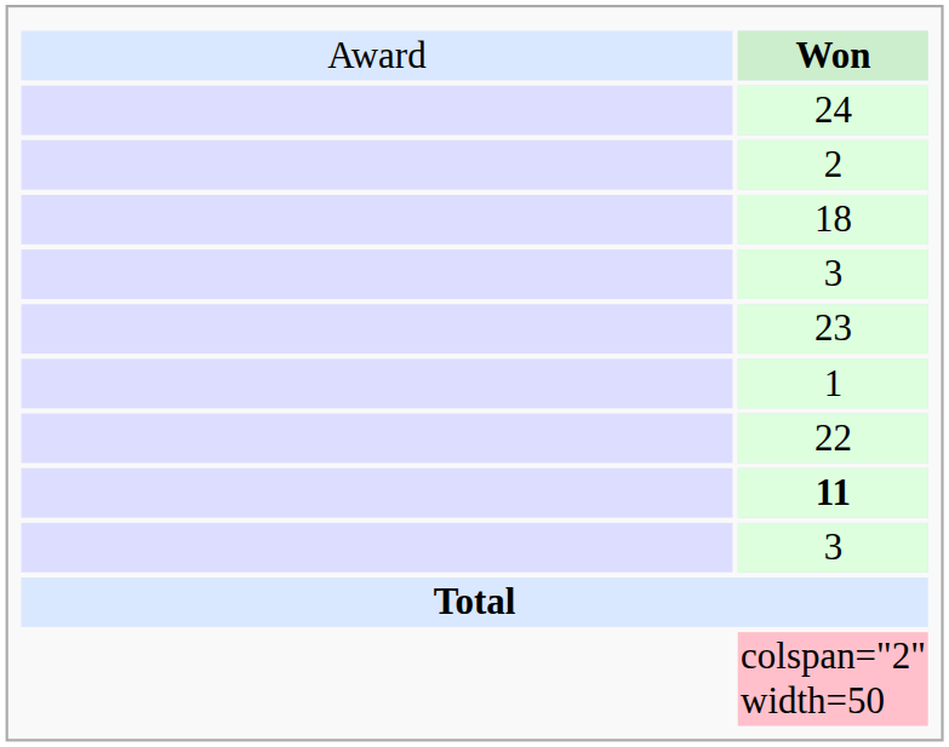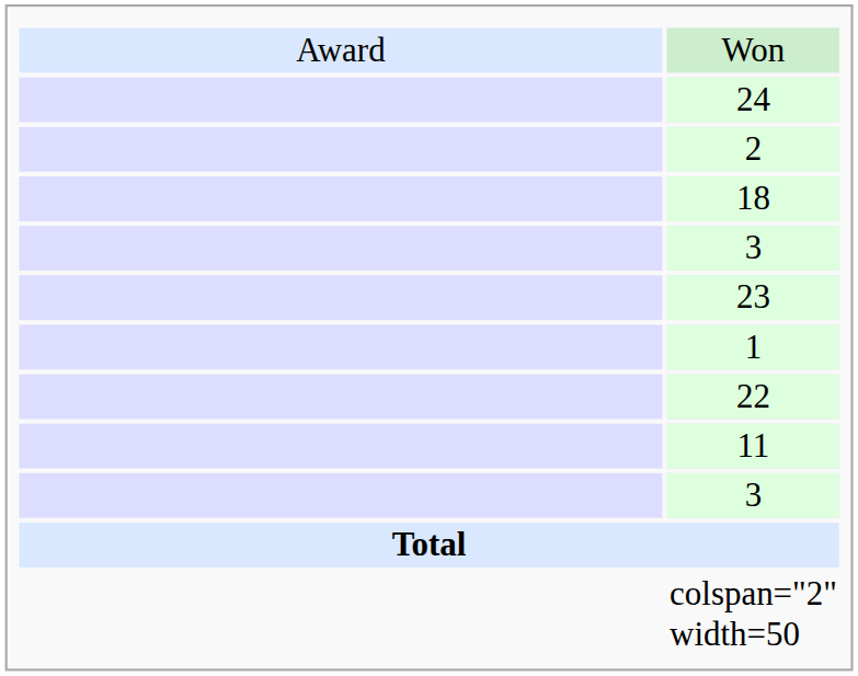 <table class="infobox" style="width: 25em; text-align: left; font-size: 90%; vertical-align: middle;">
 <tr>
 <td colspan="3" style="text-align:center;"></td>
 </tr>
 <tr bgcolor=#D9E8FF>
 <td style="text-align:center;">Award</td>
-<td style="text-align:center;background: #cceecc;text-size:0.9em" width=50><strong>Won</strong></td>
+<td style="text-align:center;background: #cceecc;text-size:0.9em" width=50>Won</td>
 </tr>
 <tr bgcolor=#ddddff>
 <td align="center"><br></td>
 <td style="text-align:center;background: #ddffdd;vertical-align: middle;">24</td>
 </tr>
 <tr bgcolor=#ddddff>
 <td align="center"><br></td>
 <td style="text-align:center;background: #ddffdd;vertical-align: middle;">2</td>
 </tr>
 <tr bgcolor=#ddddff>
 <td align="center"><br></td>
 <td style="text-align:center;background: #ddffdd;vertical-align: middle;">18</td>
 </tr>
 <tr bgcolor=#ddddff>
 <td align="center"><br></td>
 <td style="text-align:center;background: #ddffdd;vertical-align: middle;">3</td>
 </tr>
 <tr bgcolor=#ddddff>
 <td align="center"><br></td>
 <td style="text-align:center;background: #ddffdd;vertical-align: middle;">23</td>
 </tr>
 <tr bgcolor=#ddddff>
 <td align="center"><br></td>
 <td style="text-align:center;background: #ddffdd;vertical-align: middle;">1</td>
 </tr>
 <tr bgcolor=#ddddff>
 <td align="center"><br></td>
 <td style="text-align:center;background: #ddffdd;vertical-align: middle;">22</td>
 </tr>
 <tr bgcolor=#ddddff>
 <td align="center"><br></td>
-<td style="text-align:center;background: #ddffdd;vertical-align: middle;"><strong>11</strong></td>
+<td style="text-align:center;background: #ddffdd;vertical-align: middle;">11</td>
 </tr>
 <tr bgcolor=#ddddff>
 <td align="center"><br></td>
 <td style="text-align:center;background: #ddffdd;vertical-align: middle;">3</td>
 </tr>
 <tr bgcolor=#D9E8FF>
 <td colspan="3" style="text-align:center;"><strong>Total</strong></td>
 </tr>
 <tr>
 <td></td>
-<td style="background: pink;">colspan="2" width=50 </td>
+<td>colspan="2" width=50 </td>
 </tr>
 </table>
